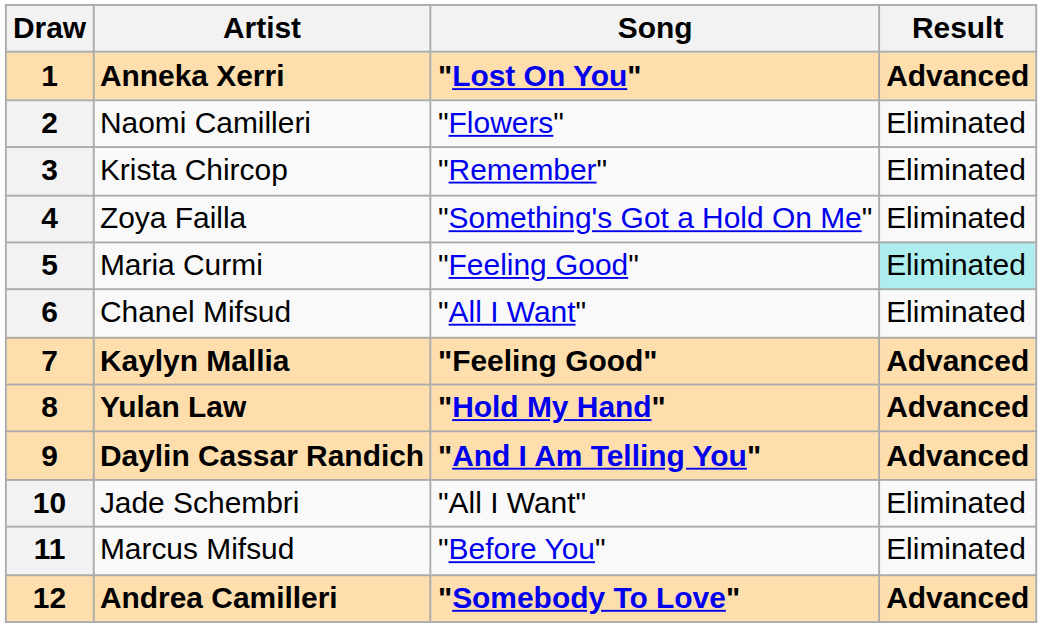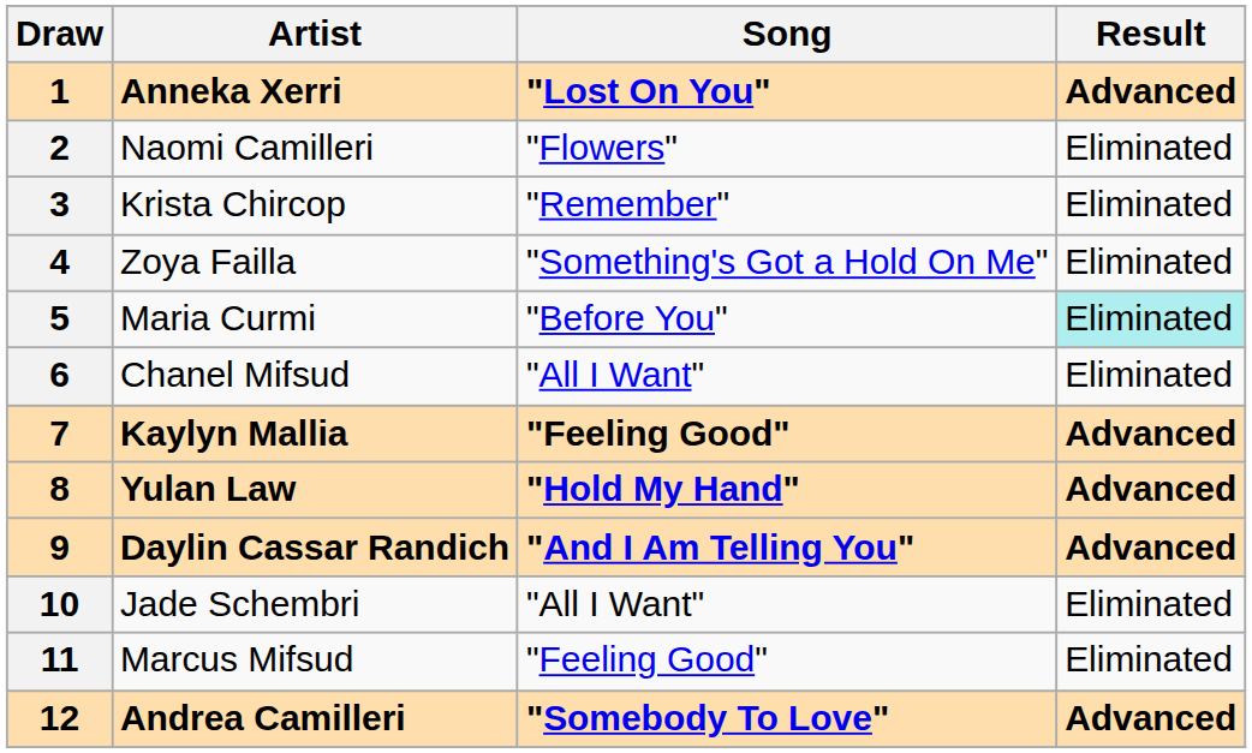 <table class="sortable wikitable plainrowheaders" style="margin: 1em auto 1em auto">
 <tr>
 <th scope="col">Draw</th>
 <th scope="col">Artist</th>
 <th scope="col">Song </th>
 <th>Result</th>
 </tr>
 <tr style="background: navajowhite;">
 <th scope="row" style="text-align:center; background: navajowhite"><strong>1</strong></th>
 <td><strong>Anneka Xerri</strong></td>
 <td><strong>"<a href='#'>Lost On You</a>" </strong></td>
 <td><strong>Advanced</strong></td>
 </tr>
 <tr>
 <th scope="row" style="text-align:center;">2</th>
 <td>Naomi Camilleri</td>
 <td>"<a href='#'>Flowers</a>" </td>
 <td>Eliminated</td>
 </tr>
 <tr>
 <th scope="row" style="text-align:center;">3</th>
 <td>Krista Chircop</td>
 <td>"<a href='#'>Remember</a>" </td>
 <td>Eliminated</td>
 </tr>
 <tr>
 <th scope="row" style="text-align:center;">4</th>
 <td>Zoya Failla</td>
 <td>"<a href='#'>Something's Got a Hold On Me</a>" </td>
 <td>Eliminated</td>
 </tr>
 <tr>
 <th scope="row" style="text-align:center;">5</th>
 <td>Maria Curmi</td>
-<td>"<a href='#'>Feeling Good</a>" </td>
+<td>"<a href='#'>Before You</a>" </td>
 <td style="background: paleturquoise;">Eliminated</td>
 </tr>
 <tr>
 <th scope="row" style="text-align:center;">6</th>
 <td>Chanel Mifsud</td>
 <td>"<a href='#'>All I Want</a>" </td>
 <td>Eliminated</td>
 </tr>
 <tr style="background: navajowhite;">
 <th scope="row" style="text-align:center; background: navajowhite"><strong>7</strong></th>
 <td><strong>Kaylyn Mallia</strong></td>
 <td><strong>"Feeling Good" </strong></td>
 <td><strong>Advanced</strong></td>
 </tr>
 <tr style="background: navajowhite;">
 <th scope="row" style="text-align:center; background: navajowhite"><strong>8</strong></th>
 <td><strong>Yulan Law</strong></td>
 <td><strong>"<a href='#'>Hold My Hand</a>" </strong></td>
 <td><strong>Advanced</strong></td>
 </tr>
 <tr style="background: navajowhite;">
 <th scope="row" style="text-align:center; background: navajowhite"><strong>9</strong></th>
 <td><strong>Daylin Cassar Randich</strong></td>
 <td><strong>"<a href='#'>And I Am Telling You</a>" </strong></td>
 <td><strong>Advanced</strong></td>
 </tr>
 <tr>
 <th scope="row" style="text-align:center;">10</th>
 <td>Jade Schembri</td>
 <td>"All I Want" </td>
 <td>Eliminated</td>
 </tr>
 <tr>
 <th scope="row" style="text-align:center;">11</th>
 <td>Marcus Mifsud</td>
-<td>"<a href='#'>Before You</a>" </td>
+<td>"<a href='#'>Feeling Good</a>" </td>
 <td>Eliminated</td>
 </tr>
 <tr style="background: navajowhite;">
 <th scope="row" style="text-align:center; background: navajowhite"><strong>12</strong></th>
 <td><strong>Andrea Camilleri</strong></td>
 <td><strong>"<a href='#'>Somebody To Love</a>" </strong></td>
 <td><strong>Advanced</strong></td>
 </tr>
 </table>
